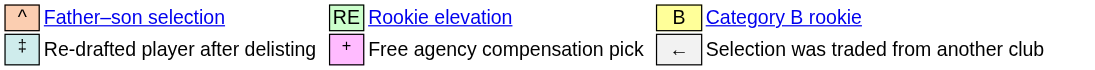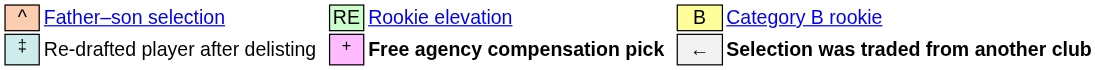 <table class="toccolours" style="white-space: nowrap;">
 <tr>
 <td style="background-color: #FBCEB1; border: 1px solid black; text-align:center;">  ^  </td>
 <td><a href='#'>Father–son selection</a></td>
 <td style="background-color: #CCFFCC; border: 1px solid black; text-align:center;">RE</td>
 <td><a href='#'>Rookie elevation</a></td>
 <td style="background-color: #ff9; border: 1px solid black; text-align:center;">B</td>
 <td><a href='#'>Category B rookie</a></td>
 </tr>
 <tr>
 <td style="background-color: #cfecec; border: 1px solid black; text-align:center;">  <sup>‡</sup>  </td>
 <td style="padding-right: 8px">Re-drafted player after delisting</td>
 <td style="background-color: #FFBBFF; border: 1px solid black; text-align:center;">  <sup>+</sup>  </td>
-<td style="padding-right: 8px">Free agency compensation pick</td>
+<td style="padding-right: 8px"><strong>Free agency compensation pick</strong></td>
 <td style="background-color: #F2F2F2; border: 1px solid black; text-align:center;">  ←  </td>
-<td style="padding-right: 8px">Selection was traded from another club</td>
+<td style="padding-right: 8px"><strong>Selection was traded from another club</strong></td>
 </tr>
 </table>
